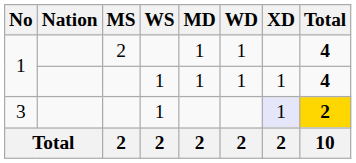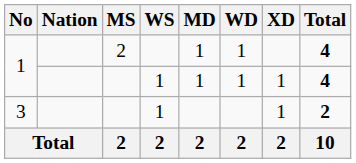 <table class="wikitable" style="text-align:center">
 <tr>
 <th>No</th>
 <th>Nation</th>
 <th>MS</th>
 <th>WS</th>
 <th>MD</th>
 <th>WD</th>
 <th>XD</th>
 <th>Total</th>
 </tr>
 <tr>
 <td rowspan="2">1</td>
 <td align=left></td>
 <td>2</td>
 <td></td>
 <td>1</td>
 <td>1</td>
 <td></td>
 <td><strong>4</strong></td>
 </tr>
 <tr>
 <td align=left></td>
 <td></td>
 <td>1</td>
 <td>1</td>
 <td>1</td>
 <td>1</td>
 <td><strong>4</strong></td>
 </tr>
 <tr>
 <td>3</td>
 <td align=left></td>
 <td></td>
 <td>1</td>
 <td></td>
 <td></td>
-<td style="background: lavender;">1</td>
-<td style="background: gold;"><strong>2</strong></td>
+<td>1</td>
+<td><strong>2</strong></td>
 </tr>
 <tr>
 <th colspan="2">Total</th>
 <th>2</th>
 <th>2</th>
 <th>2</th>
 <th>2</th>
 <th>2</th>
 <th>10</th>
 </tr>
 </table>
